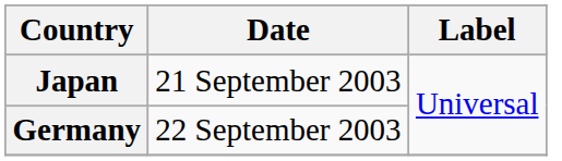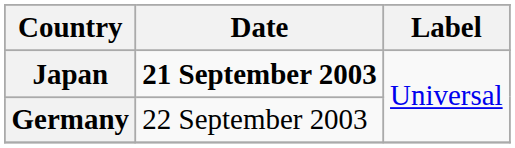 <table class="wikitable plainrowheaders">
 <tr>
 <th scope="col">Country</th>
 <th scope="col">Date</th>
 <th scope="col">Label</th>
 </tr>
 <tr>
 <th scope="row">Japan</th>
-<td>21 September 2003</td>
+<td><strong>21 September 2003</strong></td>
 <td rowspan="2"><a href='#'>Universal</a></td>
 </tr>
 <tr>
 <th scope="row">Germany</th>
 <td>22 September 2003</td>
 </tr>
 <tr>
 </tr>
 </table>
